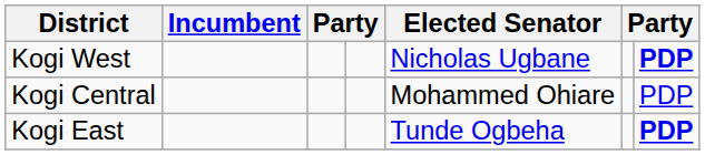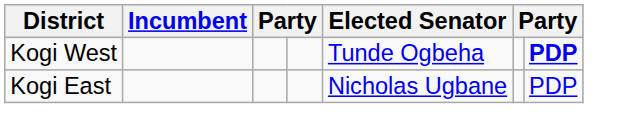 <table class="sortable wikitable" style="font-size:95%;line-height:14px;">
 <tr>
 <th class="unsortable">District</th>
 <th class="unsortable"><a href='#'>Incumbent</a></th>
 <th colspan="2">Party</th>
 <th class="unsortable">Elected Senator</th>
 <th colspan="2">Party</th>
 </tr>
 <tr>
 <td>Kogi West</td>
 <td></td>
 <td></td>
 <td></td>
-<td><a href='#'>Nicholas Ugbane</a></td>
+<td><a href='#'>Tunde Ogbeha</a></td>
 <td style="background:"></td>
 <td><strong><a href='#'>PDP</a></strong></td>
-</tr>
-<tr>
-<td>Kogi Central</td>
-<td></td>
-<td></td>
-<td></td>
-<td>Mohammed Ohiare</td>
-<td style="background:"></td>
-<td><a href='#'>PDP</a></td>
 </tr>
 <tr>
 <td>Kogi East</td>
 <td></td>
 <td></td>
 <td></td>
-<td><a href='#'>Tunde Ogbeha</a></td>
+<td><a href='#'>Nicholas Ugbane</a></td>
 <td style="background:"></td>
-<td><strong><a href='#'>PDP</a></strong></td>
+<td><a href='#'>PDP</a></td>
 </tr>
 </table>
